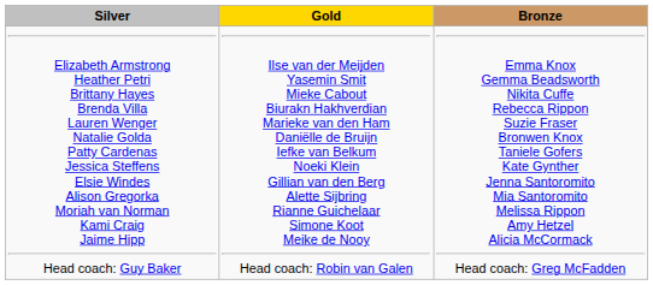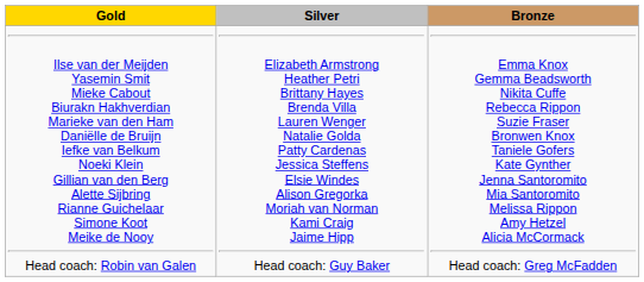 <table class="wikitable" style="text-align:center; font-size: 95%;">
 <tr>
+<td style="width: 16em;background: gold"><strong>Gold</strong></td>
 <td style="width: 16em;background: silver"><strong>Silver</strong></td>
-<td style="width: 16em;background: gold"><strong>Gold</strong></td>
 <td style="width: 16em;background: #CC9966"><strong>Bronze</strong></td>
 </tr>
 <tr>
+<td><hr><br><a href='#'>Ilse van der Meijden</a><br><a href='#'>Yasemin Smit</a><br><a href='#'>Mieke Cabout</a><br><a href='#'>Biurakn Hakhverdian</a><br><a href='#'>Marieke van den Ham</a><br><a href='#'>Daniëlle de Bruijn</a><br><a href='#'>Iefke van Belkum</a><br><a href='#'>Noeki Klein</a><br><a href='#'>Gillian van den Berg</a><br><a href='#'>Alette Sijbring</a><br><a href='#'>Rianne Guichelaar</a><br><a href='#'>Simone Koot</a><br><a href='#'>Meike de Nooy</a><br><hr>Head coach: <a href='#'>Robin van Galen</a></td>
 <td><hr><br><a href='#'>Elizabeth Armstrong</a><br><a href='#'>Heather Petri</a><br><a href='#'>Brittany Hayes</a><br><a href='#'>Brenda Villa</a><br><a href='#'>Lauren Wenger</a><br><a href='#'>Natalie Golda</a><br><a href='#'>Patty Cardenas</a><br><a href='#'>Jessica Steffens</a><br><a href='#'>Elsie Windes</a><br><a href='#'>Alison Gregorka</a><br><a href='#'>Moriah van Norman</a><br><a href='#'>Kami Craig</a><br><a href='#'>Jaime Hipp</a><br><hr>Head coach: <a href='#'>Guy Baker</a></td>
-<td><hr><br><a href='#'>Ilse van der Meijden</a><br><a href='#'>Yasemin Smit</a><br><a href='#'>Mieke Cabout</a><br><a href='#'>Biurakn Hakhverdian</a><br><a href='#'>Marieke van den Ham</a><br><a href='#'>Daniëlle de Bruijn</a><br><a href='#'>Iefke van Belkum</a><br><a href='#'>Noeki Klein</a><br><a href='#'>Gillian van den Berg</a><br><a href='#'>Alette Sijbring</a><br><a href='#'>Rianne Guichelaar</a><br><a href='#'>Simone Koot</a><br><a href='#'>Meike de Nooy</a><br><hr>Head coach: <a href='#'>Robin van Galen</a></td>
 <td><hr><br><a href='#'>Emma Knox</a><br><a href='#'>Gemma Beadsworth</a><br><a href='#'>Nikita Cuffe</a><br><a href='#'>Rebecca Rippon</a><br><a href='#'>Suzie Fraser</a><br><a href='#'>Bronwen Knox</a><br><a href='#'>Taniele Gofers</a><br><a href='#'>Kate Gynther</a><br><a href='#'>Jenna Santoromito</a><br><a href='#'>Mia Santoromito</a><br><a href='#'>Melissa Rippon</a><br><a href='#'>Amy Hetzel</a><br><a href='#'>Alicia McCormack</a><br><hr>Head coach: <a href='#'>Greg McFadden</a></td>
 </tr>
 </table>
